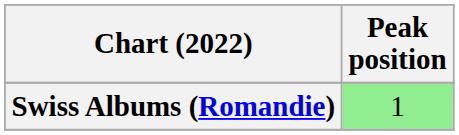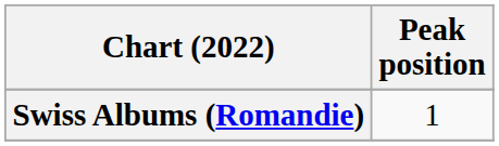 <table class="wikitable sortable plainrowheaders" style="text-align:center">
 <tr>
 <th scope="col">Chart (2022)</th>
 <th scope="col">Peak<br>position</th>
 </tr>
 <tr>
 </tr>
 <tr>
 </tr>
 <tr>
 </tr>
 <tr>
 </tr>
 <tr>
 <th scope="row">Swiss Albums (<a href='#'>Romandie</a>)</th>
-<td style="background: lightgreen;">1</td>
+<td>1</td>
 </tr>
 <tr>
 </tr>
 </table>
